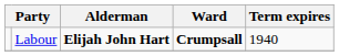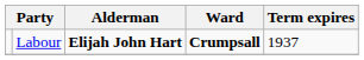 <table class="wikitable">
 <tr>
 <th colspan="2">Party</th>
 <th>Alderman</th>
 <th>Ward</th>
 <th>Term expires</th>
 </tr>
 <tr>
 <td style="background-color:"></td>
 <td><a href='#'>Labour</a></td>
 <td><strong>Elijah John Hart</strong></td>
 <td><strong>Crumpsall</strong></td>
-<td>1940</td>
+<td>1937</td>
 </tr>
 <tr>
 </tr>
 </table>
